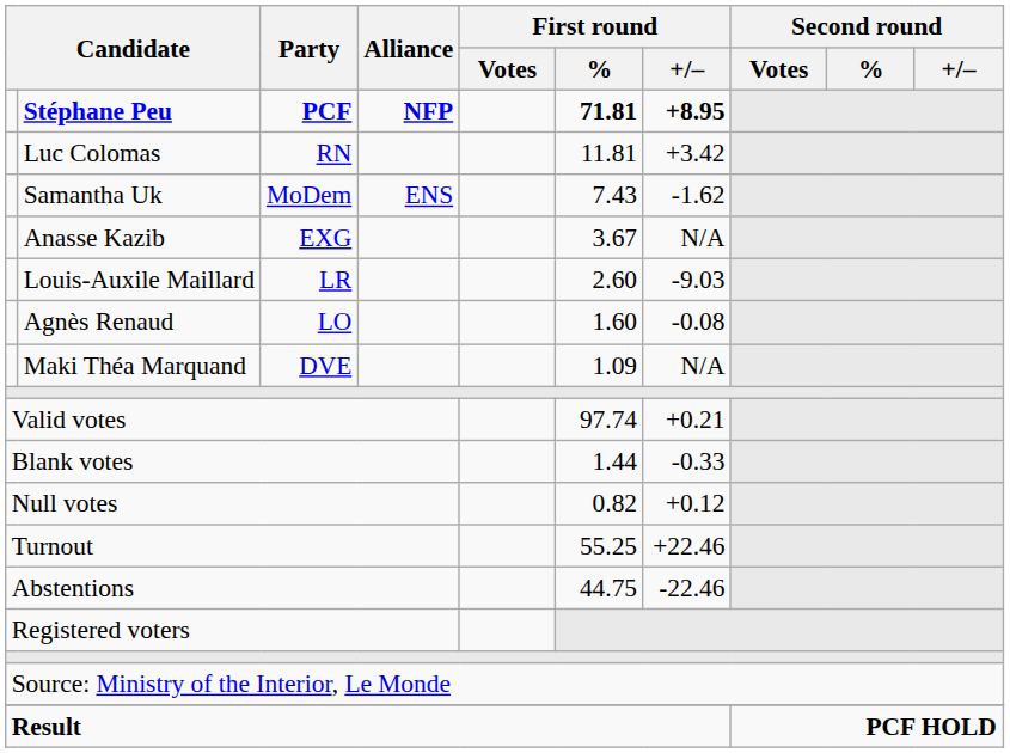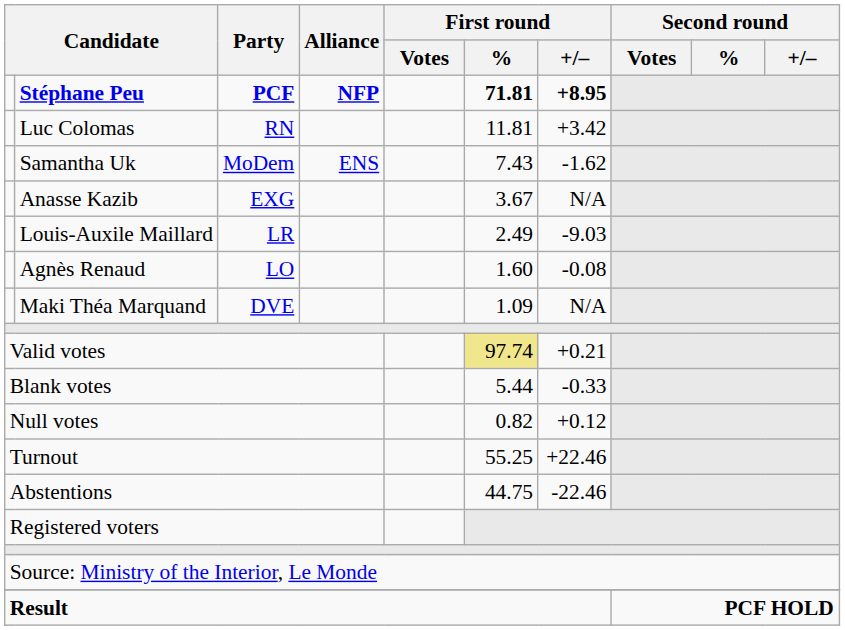 <table class="wikitable" style="text-align:right;font-size:95%;">
 <tr>
 <th rowspan="2" colspan="2">Candidate</th>
 <th rowspan="2">Party</th>
 <th rowspan="2">Alliance</th>
 <th colspan="3">First round</th>
 <th colspan="3">Second round</th>
 </tr>
 <tr>
 <th style="width:50px;">Votes</th>
 <th style="width:45px;">%</th>
 <th style="width:45px;">+/–</th>
 <th style="width:50px;">Votes</th>
 <th style="width:45px;">%</th>
 <th style="width:45px;">+/–</th>
 </tr>
 <tr>
 <td style="color:inherit;background:"></td>
 <td style="text-align:left;"><strong><a href='#'>Stéphane Peu</a></strong></td>
 <td><a href='#'><strong>PCF</strong></a></td>
 <td><a href='#'><strong>NFP</strong></a></td>
 <td><strong></strong></td>
 <td><strong>71.81</strong></td>
 <td><strong>+8.95</strong></td>
 <td colspan="3" style="background:#E9E9E9;"></td>
 </tr>
 <tr>
 <td style="color:inherit;background:"></td>
 <td style="text-align:left;">Luc Colomas</td>
 <td><a href='#'>RN</a></td>
 <td></td>
 <td></td>
 <td>11.81</td>
 <td>+3.42</td>
 <td colspan="3" style="background:#E9E9E9;"></td>
 </tr>
 <tr>
 <td style="color:inherit;background:"></td>
 <td style="text-align:left;">Samantha Uk</td>
 <td><a href='#'>MoDem</a></td>
 <td><a href='#'>ENS</a></td>
 <td></td>
 <td>7.43</td>
 <td>-1.62</td>
 <td colspan="3" style="background:#E9E9E9;"></td>
 </tr>
 <tr>
 <td style="color:inherit;background:"></td>
 <td style="text-align:left;">Anasse Kazib</td>
 <td><a href='#'>EXG</a></td>
 <td></td>
 <td></td>
 <td>3.67</td>
 <td>N/A</td>
 <td colspan="3" style="background:#E9E9E9;"></td>
 </tr>
 <tr>
 <td style="color:inherit;background:"></td>
 <td style="text-align:left;">Louis-Auxile Maillard</td>
 <td><a href='#'>LR</a></td>
 <td></td>
 <td></td>
-<td>2.60</td>
+<td>2.49</td>
 <td>-9.03</td>
 <td colspan="3" style="background:#E9E9E9;"></td>
 </tr>
 <tr>
 <td style="color:inherit;background:"></td>
 <td style="text-align:left;">Agnès Renaud</td>
 <td><a href='#'>LO</a></td>
 <td></td>
 <td></td>
 <td>1.60</td>
 <td>-0.08</td>
 <td colspan="3" style="background:#E9E9E9;"></td>
 </tr>
 <tr>
 <td style="color:inherit;background:"></td>
 <td style="text-align:left;">Maki Théa Marquand</td>
 <td><a href='#'>DVE</a></td>
 <td></td>
 <td></td>
 <td>1.09</td>
 <td>N/A</td>
 <td colspan="3" style="background:#E9E9E9;"></td>
 </tr>
 <tr>
 <td colspan="10" style="background:#E9E9E9;"></td>
 </tr>
 <tr>
 <td colspan="4" style="text-align:left;">Valid votes</td>
 <td></td>
-<td>97.74</td>
+<td style="background: khaki;">97.74</td>
 <td>+0.21</td>
 <td colspan="3" style="background:#E9E9E9;"></td>
 </tr>
 <tr>
 <td colspan="4" style="text-align:left;">Blank votes</td>
 <td></td>
-<td>1.44</td>
+<td>5.44</td>
 <td>-0.33</td>
 <td colspan="3" style="background:#E9E9E9;"></td>
 </tr>
 <tr>
 <td colspan="4" style="text-align:left;">Null votes</td>
 <td></td>
 <td>0.82</td>
 <td>+0.12</td>
 <td colspan="3" style="background:#E9E9E9;"></td>
 </tr>
 <tr>
 <td colspan="4" style="text-align:left;">Turnout</td>
 <td></td>
 <td>55.25</td>
 <td>+22.46</td>
 <td colspan="3" style="background:#E9E9E9;"></td>
 </tr>
 <tr>
 <td colspan="4" style="text-align:left;">Abstentions</td>
 <td></td>
 <td>44.75</td>
 <td>-22.46</td>
 <td colspan="3" style="background:#E9E9E9;"></td>
 </tr>
 <tr>
 <td colspan="4" style="text-align:left;">Registered voters</td>
 <td></td>
 <td colspan="5" style="background:#E9E9E9;"></td>
 </tr>
 <tr>
 <td colspan="10" style="background:#E9E9E9;"></td>
 </tr>
 <tr>
 <td colspan="10" style="text-align:left;">Source: <a href='#'>Ministry of the Interior</a>, <a href='#'>Le Monde</a></td>
 </tr>
 <tr>
 </tr>
 <tr style="font-weight:bold">
 <td colspan="7" style="text-align:left;">Result</td>
 <td colspan="7" style="background-color:">PCF HOLD</td>
 </tr>
 </table>
